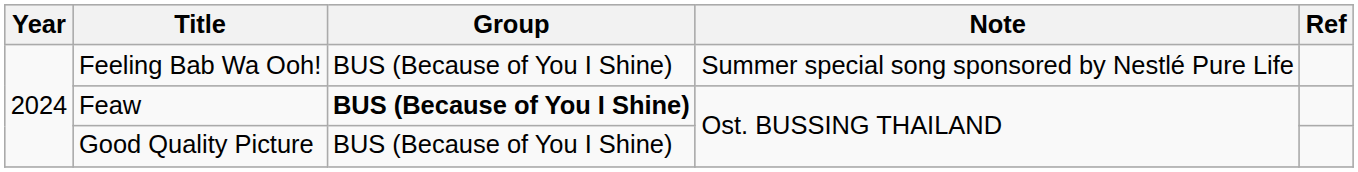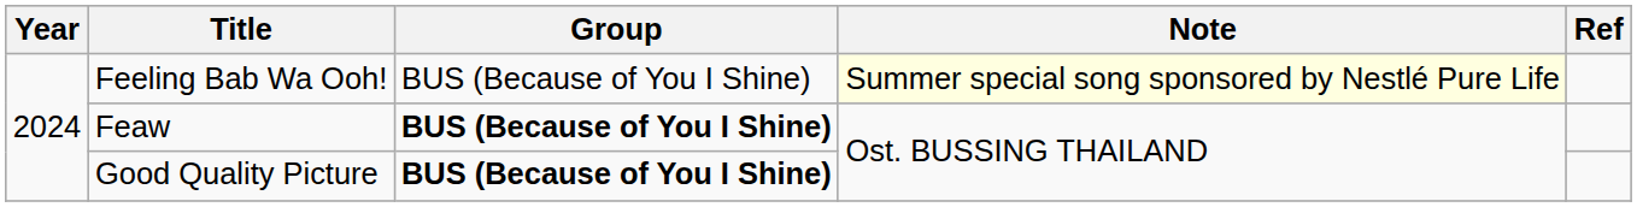 <table class="wikitable">
 <tr>
 <th>Year</th>
 <th>Title</th>
 <th>Group</th>
 <th>Note</th>
 <th>Ref</th>
 </tr>
 <tr>
 <td rowspan="3">2024</td>
 <td>Feeling Bab Wa Ooh!</td>
 <td>BUS (Because of You I Shine)</td>
-<td>Summer special song sponsored by Nestlé Pure Life</td>
+<td style="background: lightyellow;">Summer special song sponsored by Nestlé Pure Life</td>
 <td></td>
 </tr>
 <tr>
 <td>Feaw</td>
 <td><strong>BUS (Because of You I Shine)</strong></td>
 <td rowspan="2">Ost. BUSSING THAILAND</td>
 <td></td>
 </tr>
 <tr>
 <td>Good Quality Picture</td>
-<td>BUS (Because of You I Shine)</td>
+<td><strong>BUS (Because of You I Shine)</strong></td>
 <td></td>
 </tr>
 </table>
